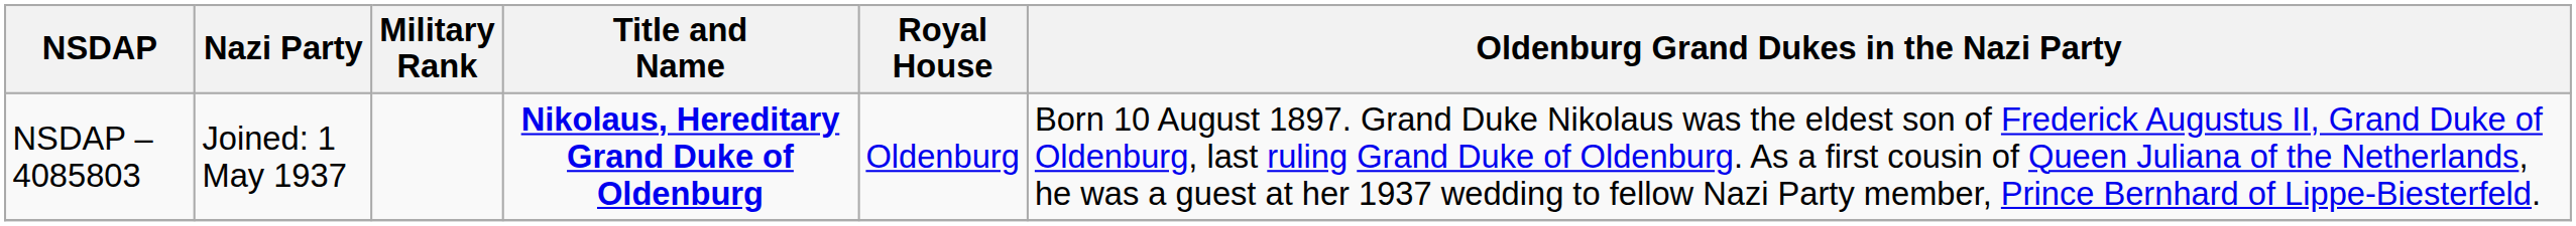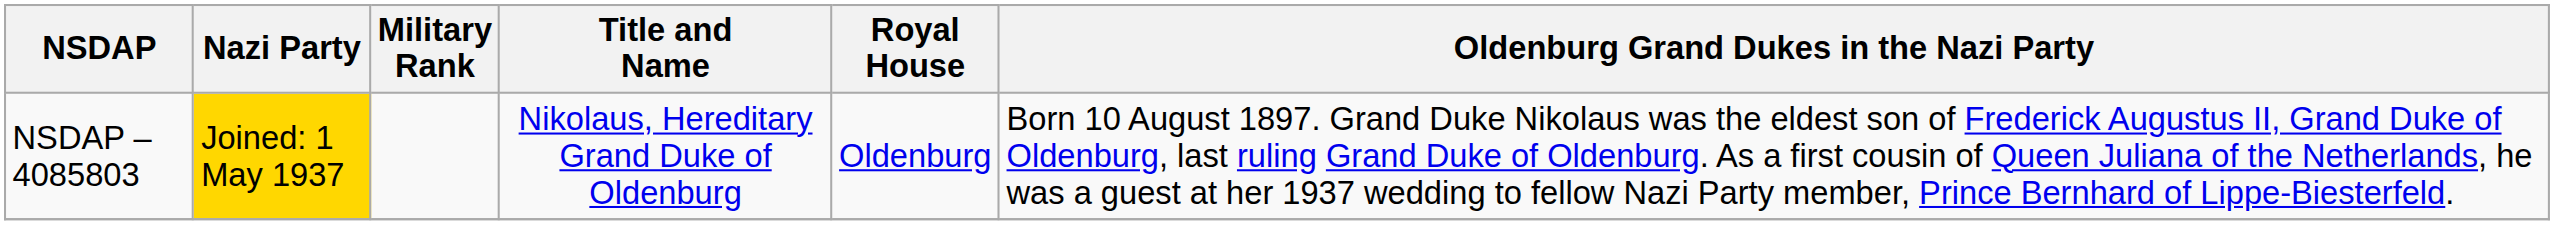 <table class="wikitable">
 <tr>
 <th>NSDAP</th>
 <th>Nazi Party</th>
 <th>Military<br>Rank</th>
 <th>Title and<br>Name</th>
 <th>Royal<br>House</th>
 <th>Oldenburg Grand Dukes in the Nazi Party</th>
 </tr>
 <tr>
 <td>NSDAP – 4085803</td>
-<td>Joined: 1 May 1937</td>
+<td style="background: gold;">Joined: 1 May 1937</td>
 <td></td>
-<td align="center"><strong><a href='#'>Nikolaus, Hereditary Grand Duke of Oldenburg</a></strong></td>
+<td align="center"><a href='#'>Nikolaus, Hereditary Grand Duke of Oldenburg</a></td>
 <td align="center"> <a href='#'>Oldenburg</a></td>
 <td>Born 10 August 1897. Grand Duke Nikolaus was the eldest son of <a href='#'>Frederick Augustus II, Grand Duke of Oldenburg</a>, last <a href='#'>ruling</a> <a href='#'>Grand Duke of Oldenburg</a>. As a first cousin of <a href='#'>Queen Juliana of the Netherlands</a>, he was a guest at her 1937 wedding to fellow Nazi Party member, <a href='#'>Prince Bernhard of Lippe-Biesterfeld</a>.</td>
 </tr>
 <tr>
 </tr>
 </table>
